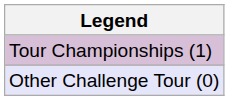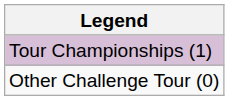 <table class="wikitable" style="font-size:95%;">
 <tr>
 <th>Legend</th>
 </tr>
 <tr style="background:thistle;">
 <td>Tour Championships (1)</td>
 </tr>
 <tr>
-<td style="background: lavender;">Other Challenge Tour (0)</td>
+<td>Other Challenge Tour (0)</td>
 </tr>
 </table>
